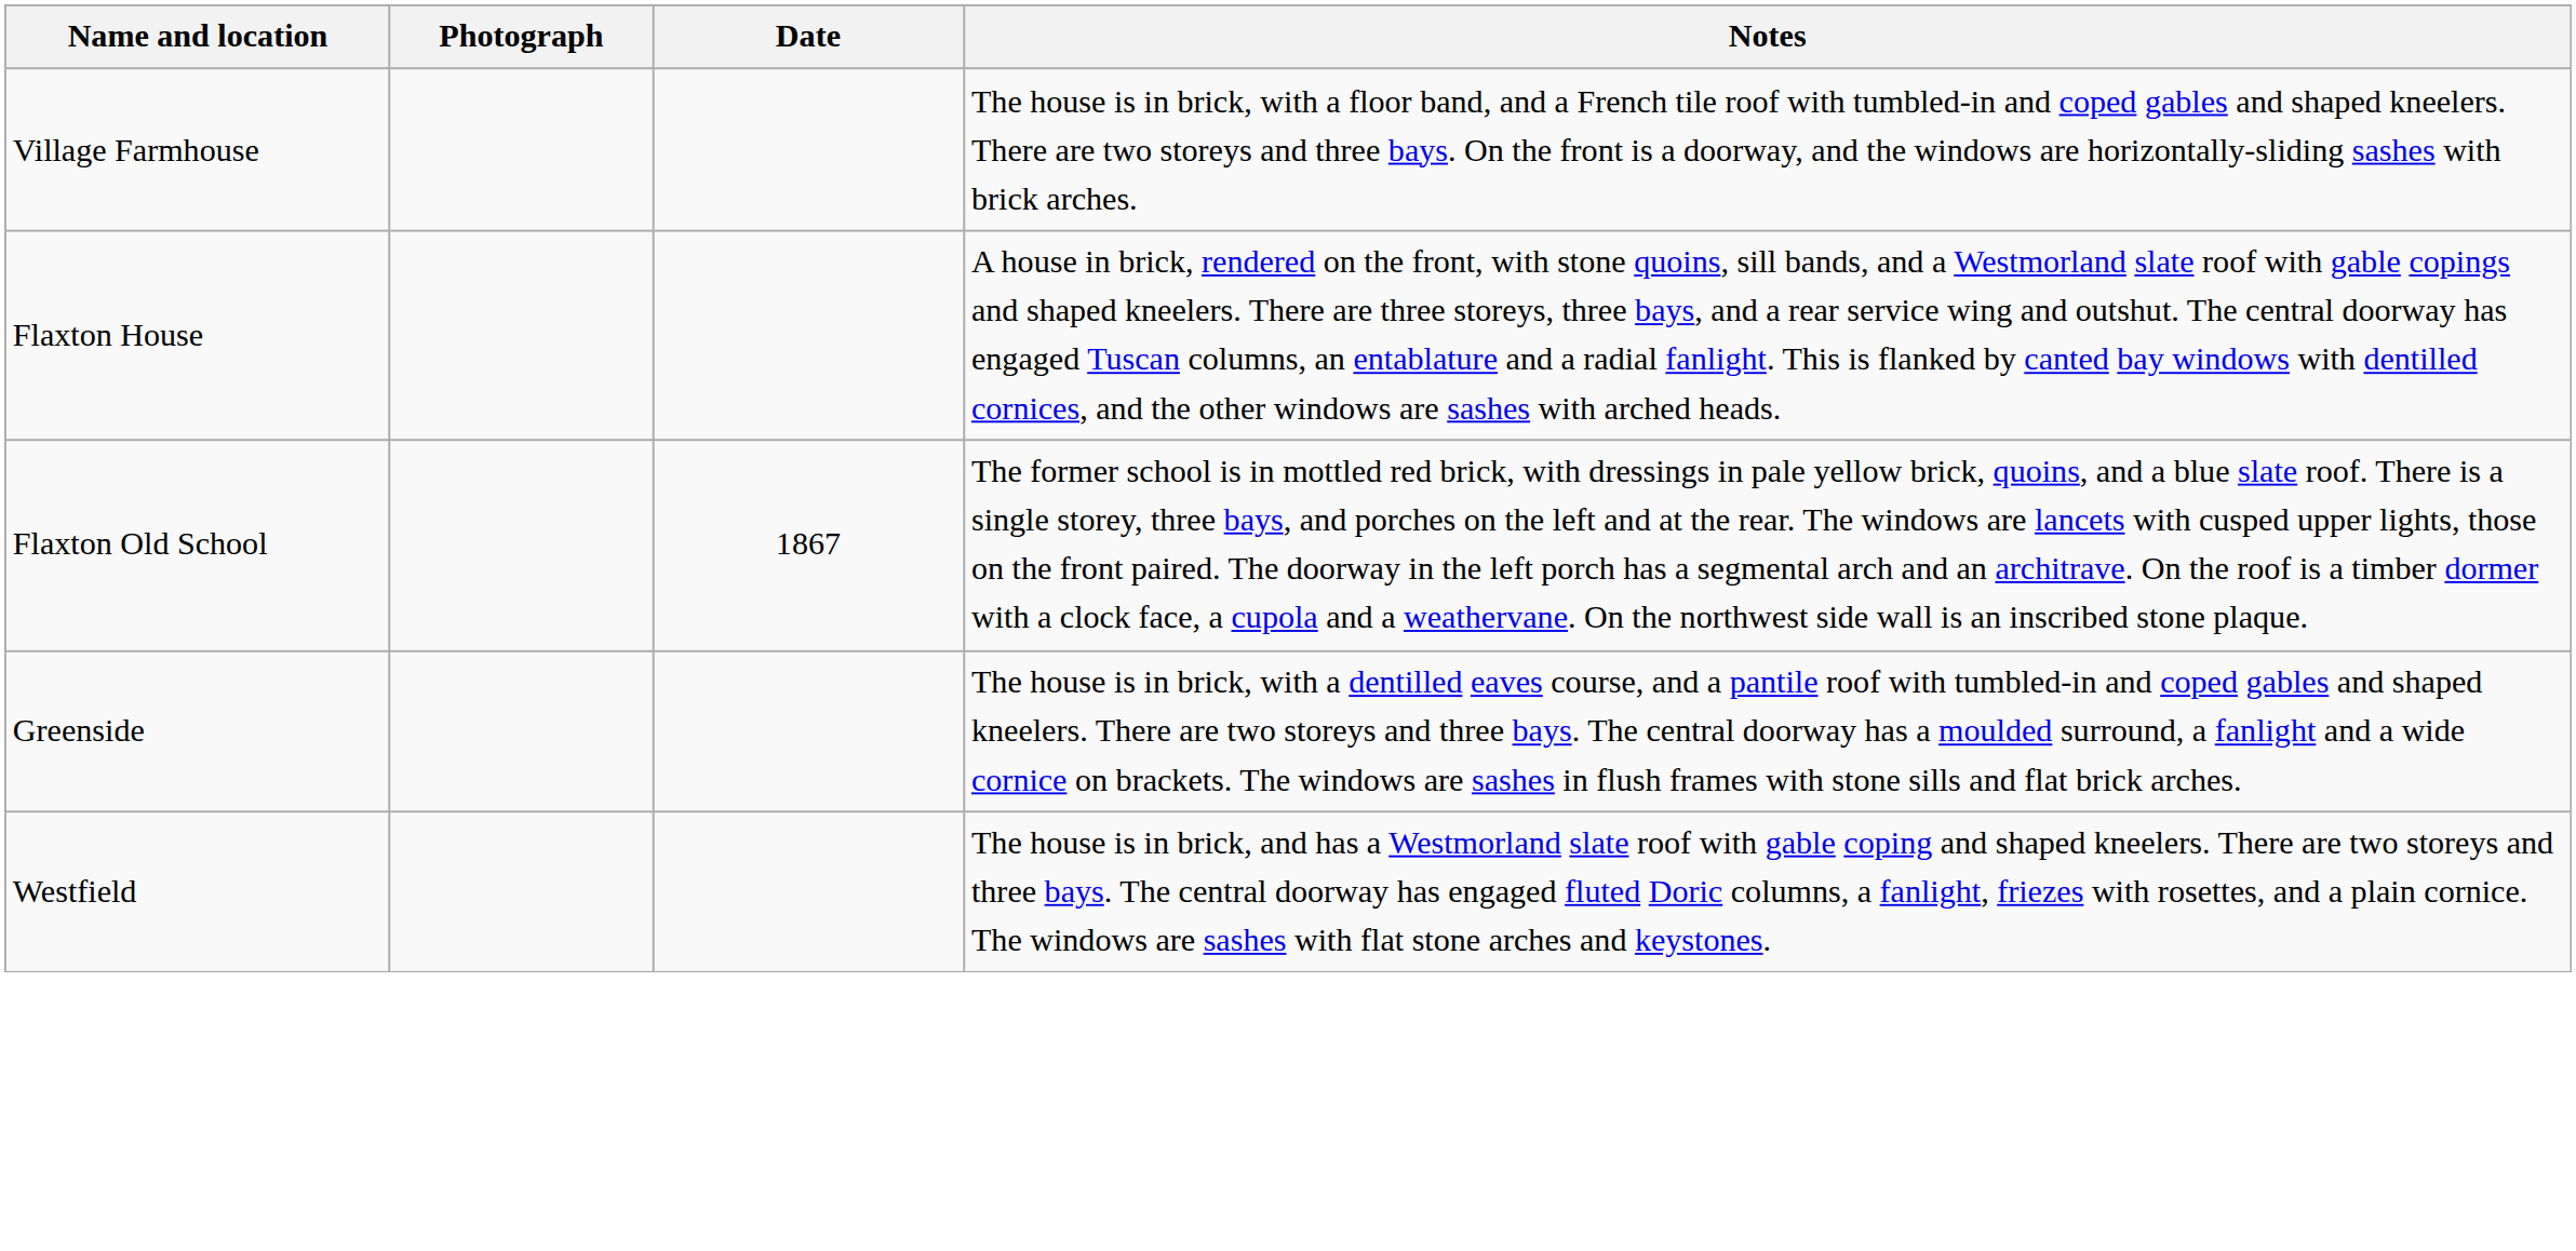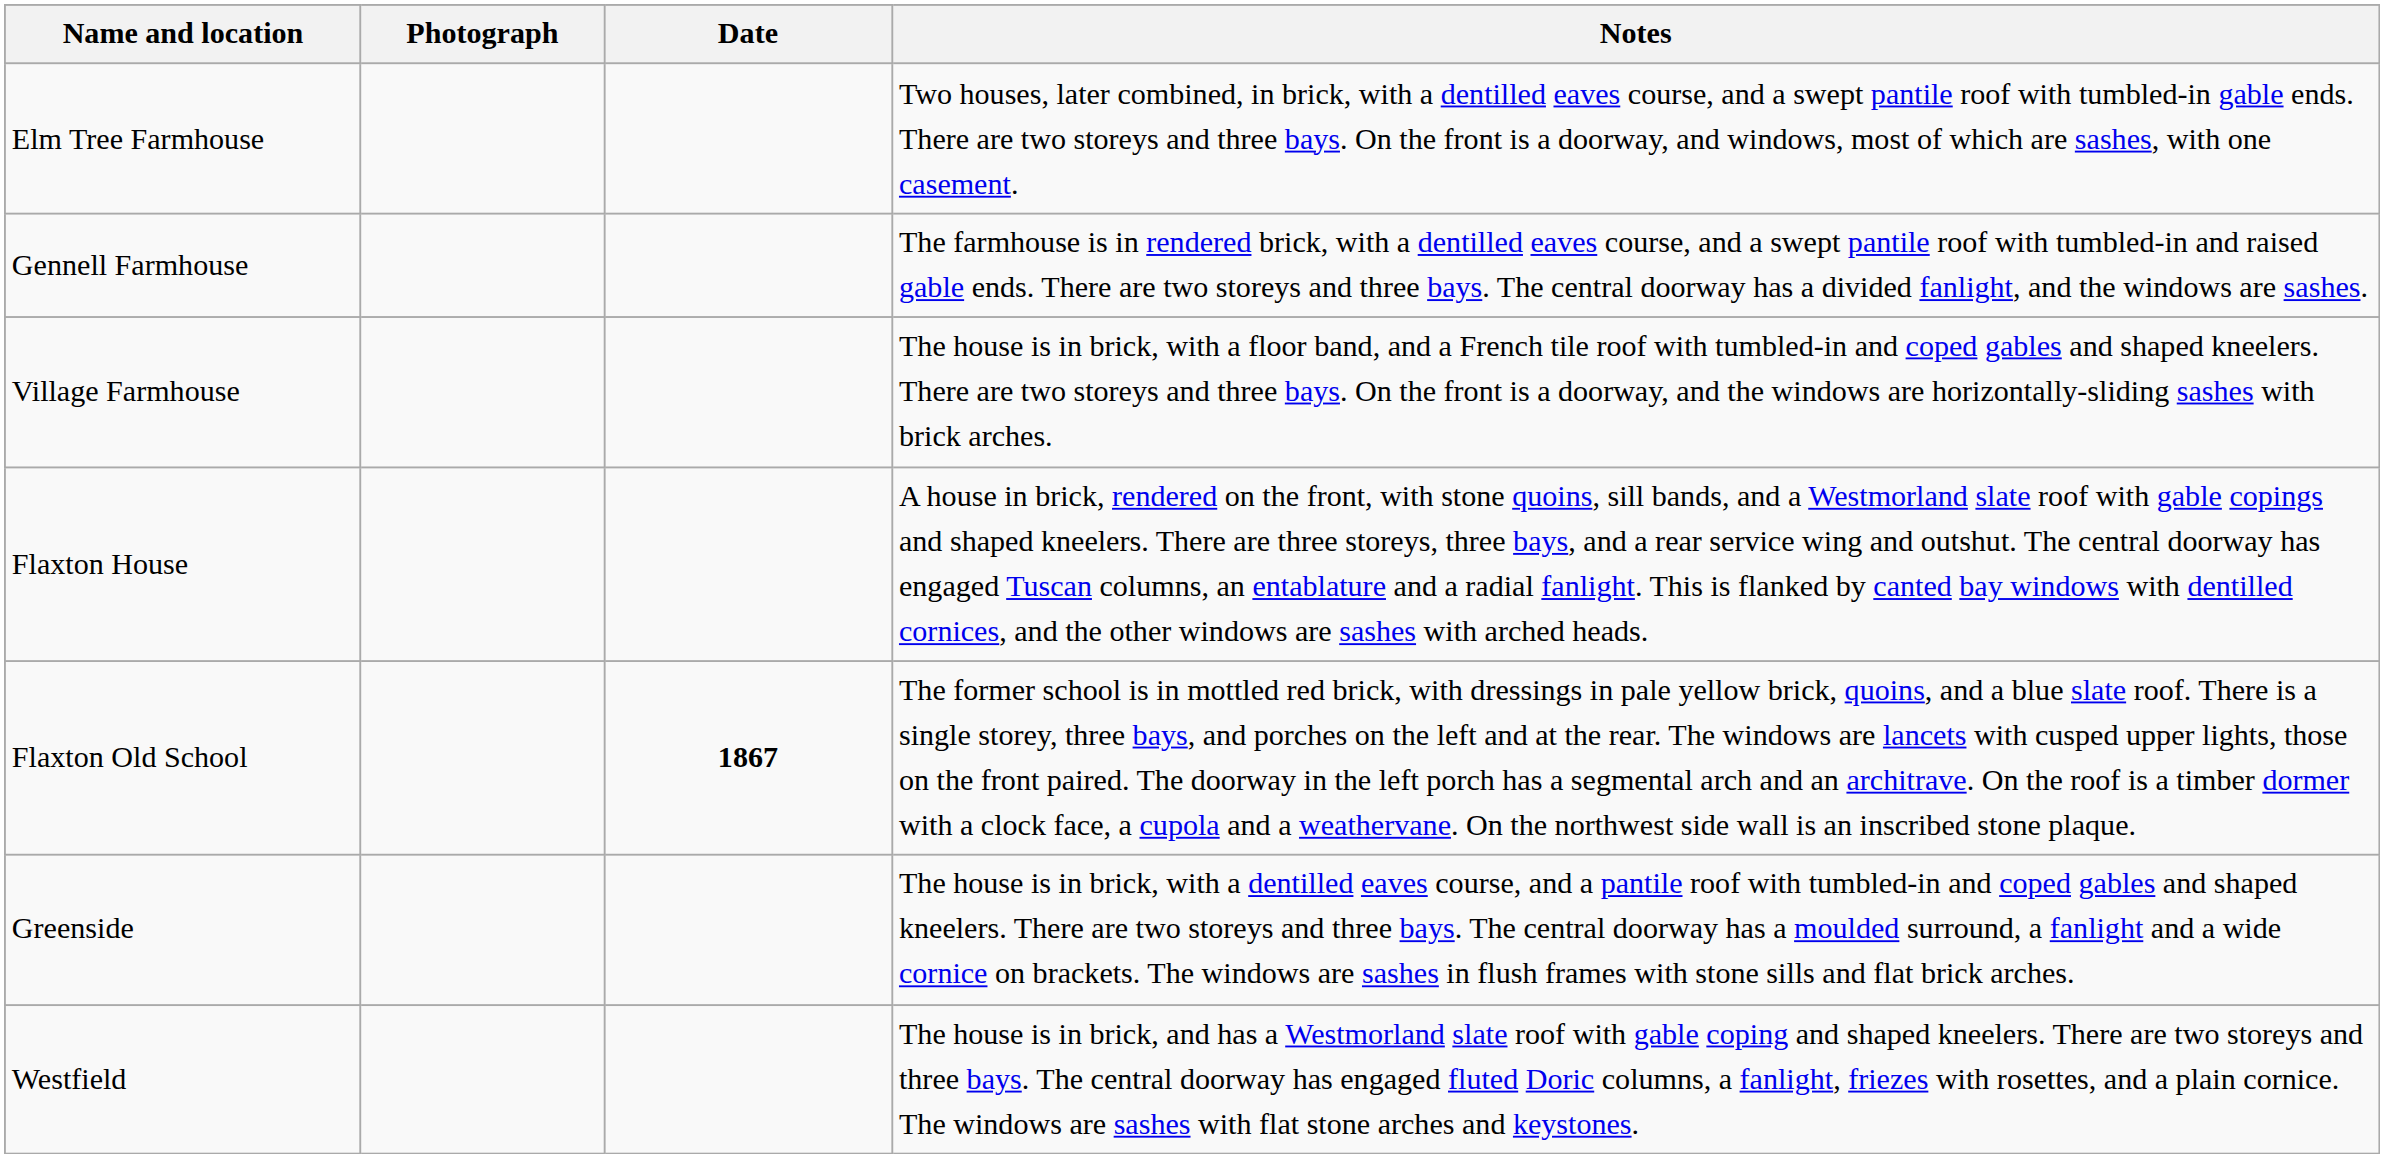 <table class="wikitable sortable plainrowheaders" style="width:100%;border:0px;text-align:left;line-height:150%;">
 <tr>
 <th scope="col"  style="width:150px">Name and location</th>
 <th scope="col"  style="width:100px" class="unsortable">Photograph</th>
 <th scope="col"  style="width:120px">Date</th>
 <th scope="col"  style="width:650px" class="unsortable">Notes</th>
+</tr>
+<tr>
+<td>Elm Tree Farmhouse<br><small></small></td>
+<td></td>
+<td align="center"></td>
+<td>Two houses, later combined, in brick, with a <a href='#'>dentilled</a> <a href='#'>eaves</a> course, and a swept <a href='#'>pantile</a> roof with tumbled-in <a href='#'>gable</a> ends.  There are two storeys and three <a href='#'>bays</a>.  On the front is a doorway, and windows, most of which are <a href='#'>sashes</a>, with one <a href='#'>casement</a>.</td>
+</tr>
+<tr>
+<td>Gennell Farmhouse<br><small></small></td>
+<td></td>
+<td align="center"></td>
+<td>The farmhouse is in <a href='#'>rendered</a> brick, with a <a href='#'>dentilled</a> <a href='#'>eaves</a> course, and a swept <a href='#'>pantile</a> roof with tumbled-in and raised <a href='#'>gable</a> ends.  There are two storeys and three <a href='#'>bays</a>.  The central doorway has a divided <a href='#'>fanlight</a>, and the windows are <a href='#'>sashes</a>.</td>
 </tr>
 <tr>
 <td>Village Farmhouse<br><small></small></td>
 <td></td>
 <td align="center"></td>
 <td>The house is in brick, with a floor band, and a French tile roof with tumbled-in and <a href='#'>coped</a> <a href='#'>gables</a> and shaped kneelers.  There are two storeys and three <a href='#'>bays</a>. On the front is a doorway, and the windows are horizontally-sliding <a href='#'>sashes</a> with brick arches.</td>
 </tr>
 <tr>
 <td>Flaxton House<br><small></small></td>
 <td></td>
 <td align="center"></td>
 <td>A house in brick, <a href='#'>rendered</a> on the front, with stone <a href='#'>quoins</a>, sill bands, and a <a href='#'>Westmorland</a> <a href='#'>slate</a> roof with <a href='#'>gable</a> <a href='#'>copings</a> and shaped kneelers.  There are three storeys, three <a href='#'>bays</a>, and a rear service wing and outshut.  The central doorway has engaged <a href='#'>Tuscan</a> columns, an <a href='#'>entablature</a> and a radial <a href='#'>fanlight</a>. This is flanked by <a href='#'>canted</a> <a href='#'>bay windows</a> with <a href='#'>dentilled</a> <a href='#'>cornices</a>, and the other windows are <a href='#'>sashes</a> with arched heads.</td>
 </tr>
 <tr>
 <td>Flaxton Old School<br><small></small></td>
 <td></td>
-<td align="center">1867</td>
+<td align="center"><strong>1867</strong></td>
 <td>The former school is in mottled red brick, with dressings in pale yellow brick, <a href='#'>quoins</a>, and a blue <a href='#'>slate</a> roof.  There is a single storey, three <a href='#'>bays</a>, and porches on the left and at the rear.  The windows are <a href='#'>lancets</a> with cusped upper lights, those on the front paired.  The doorway in the left porch has a segmental arch and an <a href='#'>architrave</a>.  On the roof is a timber <a href='#'>dormer</a> with a clock face, a <a href='#'>cupola</a> and a <a href='#'>weathervane</a>.  On the northwest side wall is an inscribed stone plaque.</td>
 </tr>
 <tr>
 <td>Greenside<br><small></small></td>
 <td></td>
 <td align="center"></td>
 <td>The house is in brick, with a <a href='#'>dentilled</a> <a href='#'>eaves</a> course, and a <a href='#'>pantile</a> roof with tumbled-in and <a href='#'>coped</a> <a href='#'>gables</a> and shaped kneelers.  There are two storeys and three <a href='#'>bays</a>.  The central doorway has a <a href='#'>moulded</a> surround, a <a href='#'>fanlight</a> and a wide <a href='#'>cornice</a> on brackets.  The windows are <a href='#'>sashes</a> in flush frames with stone sills and flat brick arches.</td>
 </tr>
 <tr>
 <td>Westfield<br><small></small></td>
 <td></td>
 <td align="center"></td>
 <td>The house is in brick, and has a <a href='#'>Westmorland</a> <a href='#'>slate</a> roof with <a href='#'>gable</a> <a href='#'>coping</a> and shaped kneelers.  There are two storeys and three <a href='#'>bays</a>.  The central doorway has engaged <a href='#'>fluted</a> <a href='#'>Doric</a> columns, a <a href='#'>fanlight</a>, <a href='#'>friezes</a> with rosettes, and a plain cornice.  The windows are <a href='#'>sashes</a> with flat stone arches and <a href='#'>keystones</a>.</td>
 </tr>
 <tr>
 </tr>
 </table>
